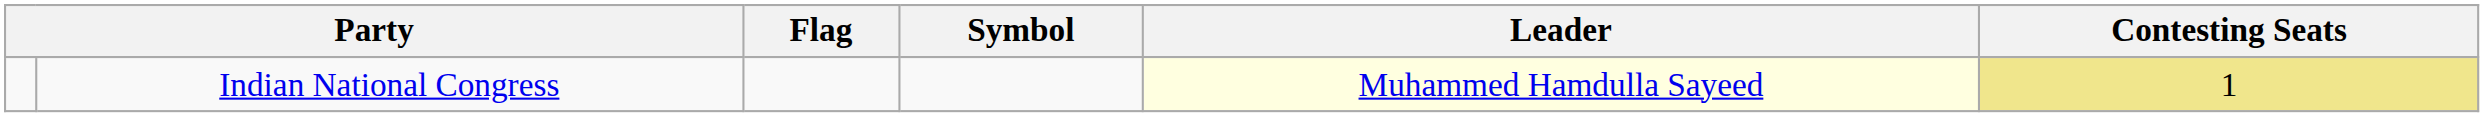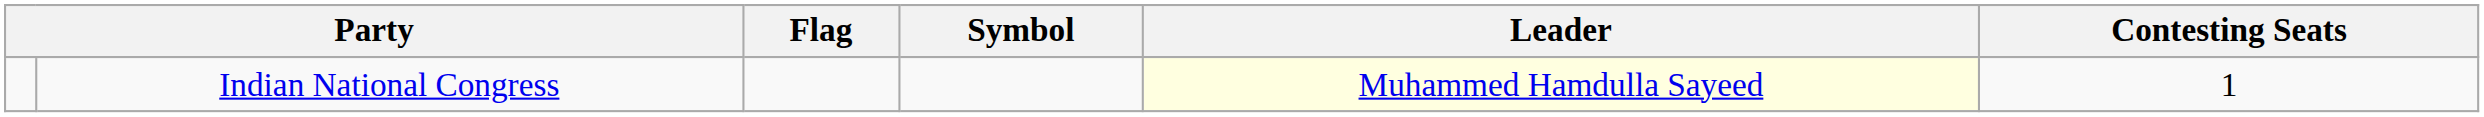 <table class="wikitable" width="60%" style="text-align:center">
 <tr>
 <th colspan="2">Party</th>
 <th>Flag</th>
 <th>Symbol</th>
 <th>Leader</th>
 <th>Contesting Seats</th>
 </tr>
 <tr>
 <td></td>
 <td><a href='#'>Indian National Congress</a></td>
 <td></td>
 <td></td>
 <td style="background: lightyellow;"><a href='#'>Muhammed Hamdulla Sayeed</a></td>
-<td style="background: khaki;">1</td>
+<td>1</td>
 </tr>
 </table>
